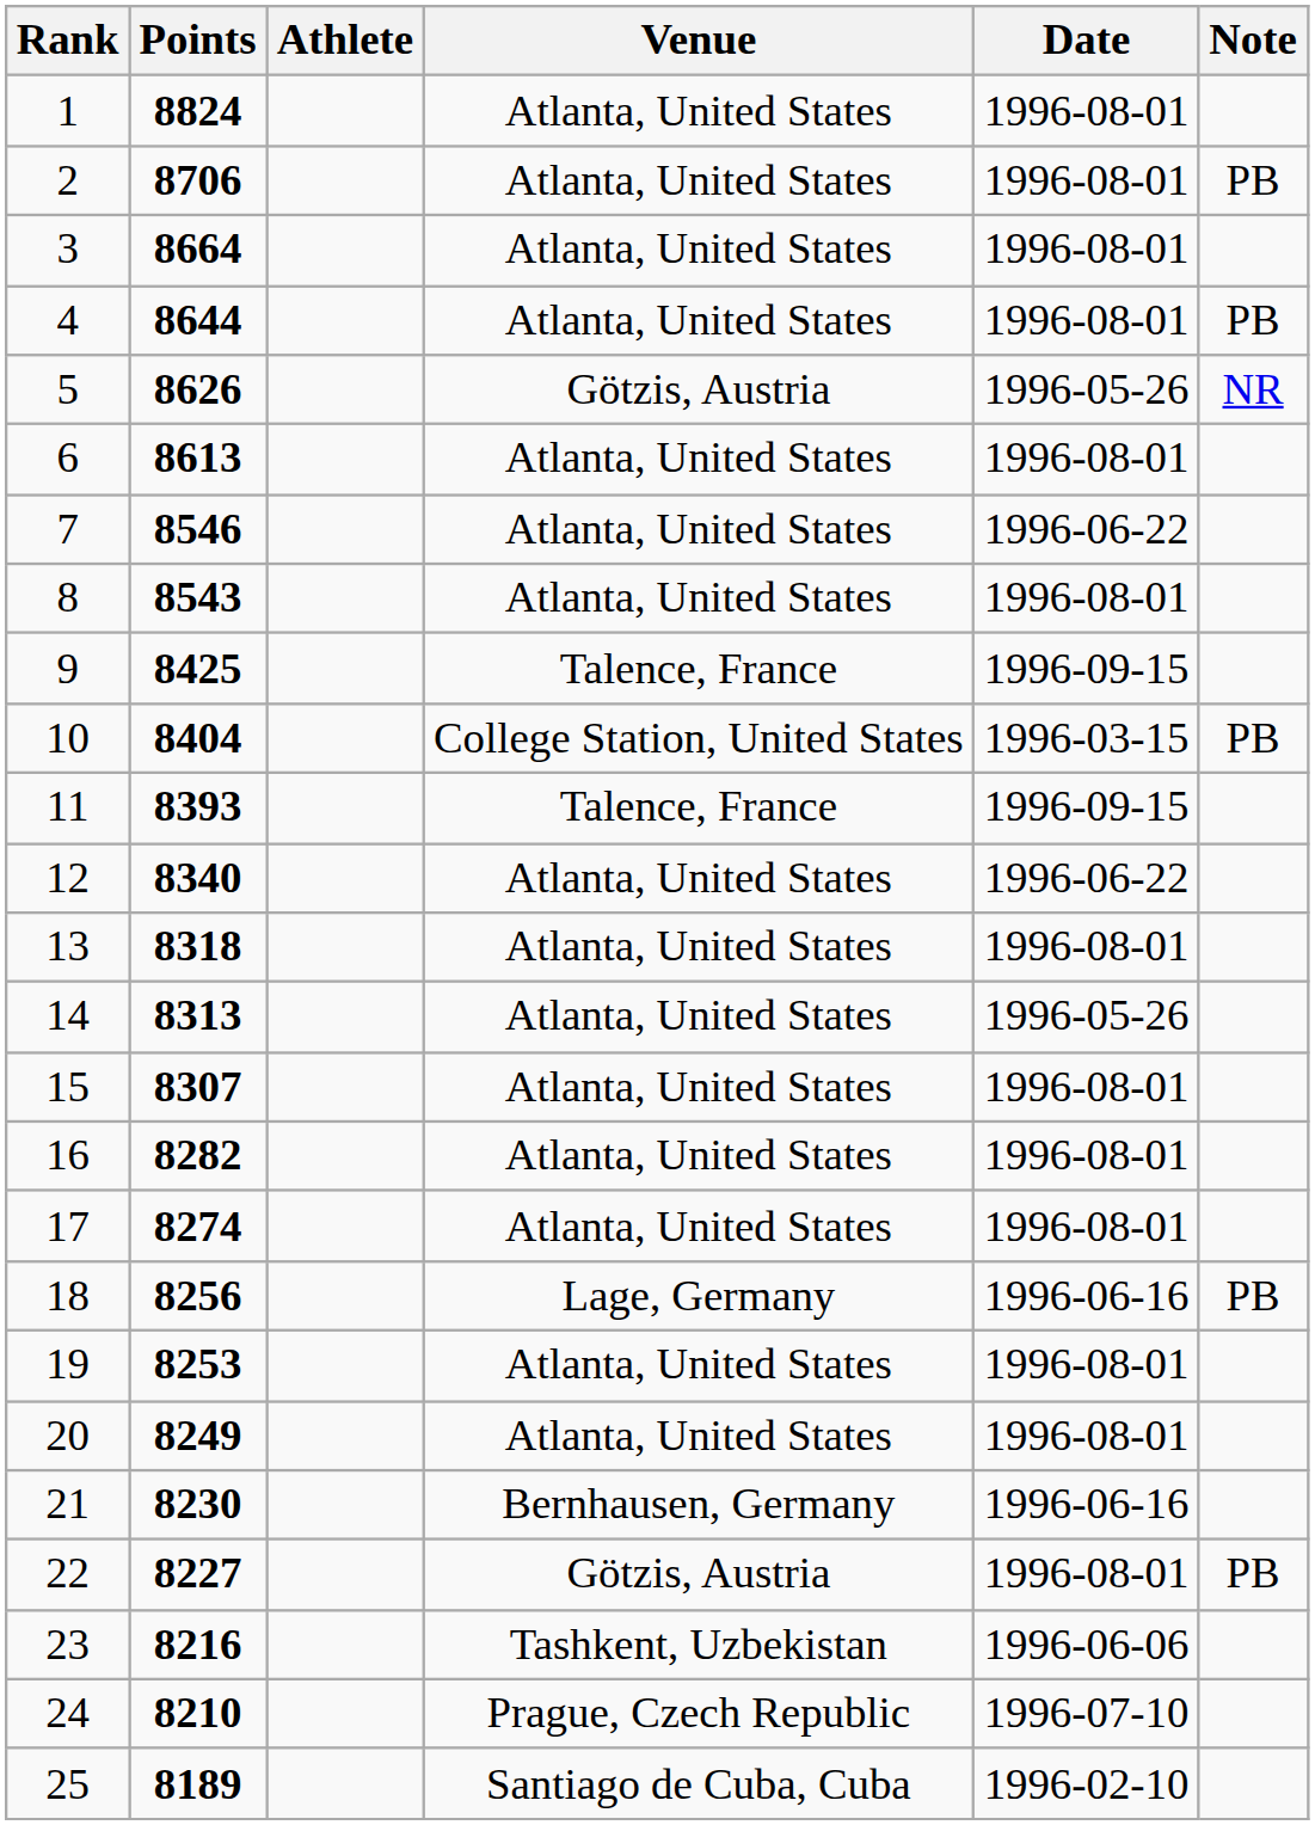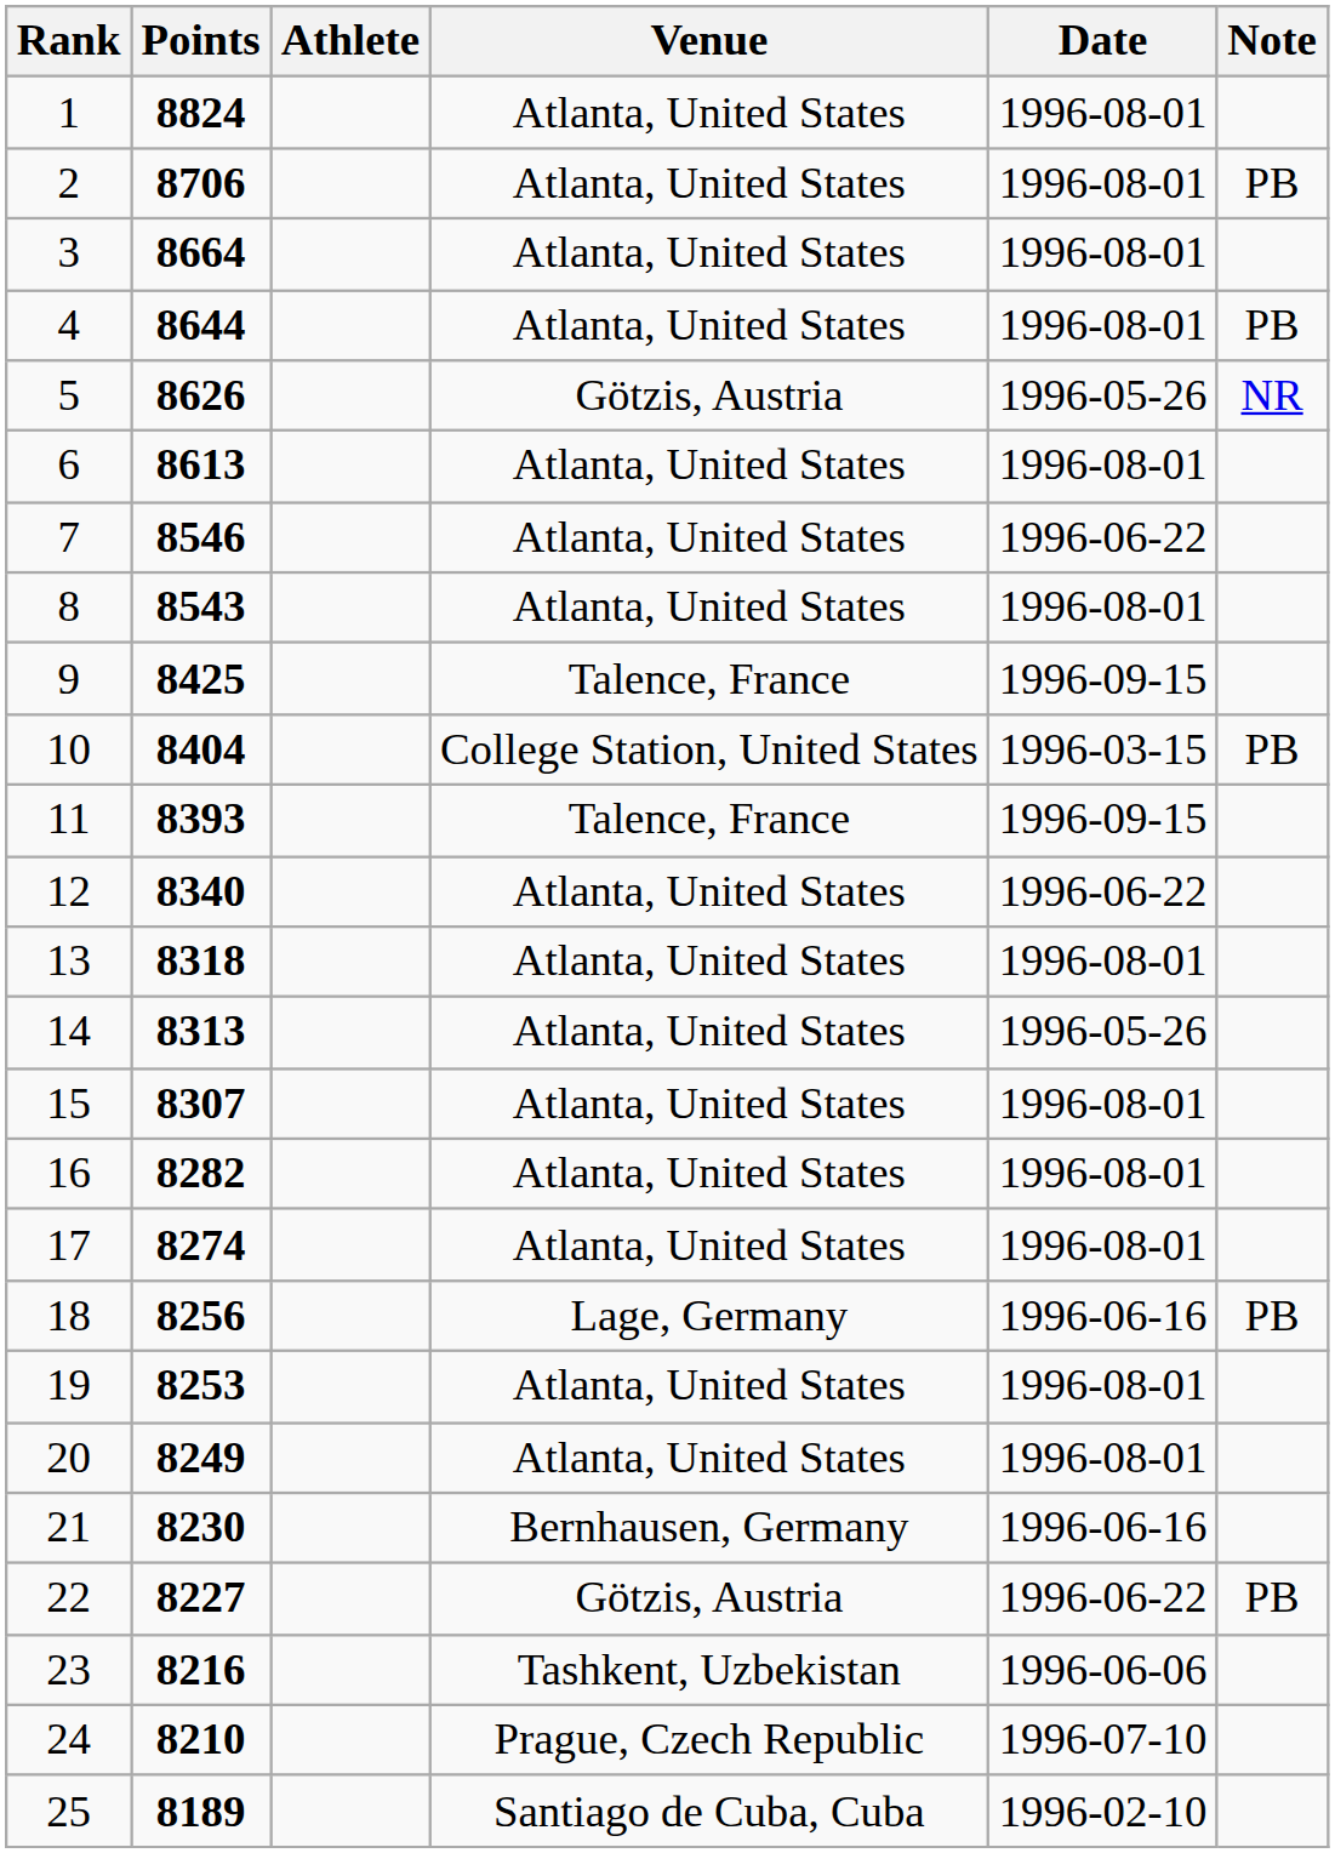 <table class="wikitable" style=" text-align:center;">
 <tr>
 <th>Rank</th>
 <th>Points</th>
 <th>Athlete</th>
 <th>Venue</th>
 <th>Date</th>
 <th>Note</th>
 </tr>
 <tr>
 <td>1</td>
 <td><strong>8824</strong></td>
 <td align=left></td>
 <td>Atlanta, United States</td>
 <td>1996-08-01</td>
 <td></td>
 </tr>
 <tr>
 <td>2</td>
 <td><strong>8706</strong></td>
 <td align=left></td>
 <td>Atlanta, United States</td>
 <td>1996-08-01</td>
 <td>PB</td>
 </tr>
 <tr>
 <td>3</td>
 <td><strong>8664</strong></td>
 <td align=left></td>
 <td>Atlanta, United States</td>
 <td>1996-08-01</td>
 <td></td>
 </tr>
 <tr>
 <td>4</td>
 <td><strong>8644</strong></td>
 <td align=left></td>
 <td>Atlanta, United States</td>
 <td>1996-08-01</td>
 <td>PB</td>
 </tr>
 <tr>
 <td>5</td>
 <td><strong>8626</strong></td>
 <td align=left></td>
 <td>Götzis, Austria</td>
 <td>1996-05-26</td>
 <td><a href='#'>NR</a></td>
 </tr>
 <tr>
 <td>6</td>
 <td><strong>8613</strong></td>
 <td align=left></td>
 <td>Atlanta, United States</td>
 <td>1996-08-01</td>
 <td></td>
 </tr>
 <tr>
 <td>7</td>
 <td><strong>8546</strong></td>
 <td align=left></td>
 <td>Atlanta, United States</td>
 <td>1996-06-22</td>
 <td></td>
 </tr>
 <tr>
 <td>8</td>
 <td><strong>8543</strong></td>
 <td align=left></td>
 <td>Atlanta, United States</td>
 <td>1996-08-01</td>
 <td></td>
 </tr>
 <tr>
 <td>9</td>
 <td><strong>8425</strong></td>
 <td align=left></td>
 <td>Talence, France</td>
 <td>1996-09-15</td>
 <td></td>
 </tr>
 <tr>
 <td>10</td>
 <td><strong>8404</strong></td>
 <td align=left></td>
 <td>College Station, United States</td>
 <td>1996-03-15</td>
 <td>PB</td>
 </tr>
 <tr>
 <td>11</td>
 <td><strong>8393</strong></td>
 <td align=left></td>
 <td>Talence, France</td>
 <td>1996-09-15</td>
 <td></td>
 </tr>
 <tr>
 <td>12</td>
 <td><strong>8340</strong></td>
 <td align=left></td>
 <td>Atlanta, United States</td>
 <td>1996-06-22</td>
 <td></td>
 </tr>
 <tr>
 <td>13</td>
 <td><strong>8318</strong></td>
 <td align=left></td>
 <td>Atlanta, United States</td>
 <td>1996-08-01</td>
 <td></td>
 </tr>
 <tr>
 <td>14</td>
 <td><strong>8313</strong></td>
 <td align=left></td>
 <td>Atlanta, United States</td>
 <td>1996-05-26</td>
 <td></td>
 </tr>
 <tr>
 <td>15</td>
 <td><strong>8307</strong></td>
 <td align=left></td>
 <td>Atlanta, United States</td>
 <td>1996-08-01</td>
 <td></td>
 </tr>
 <tr>
 <td>16</td>
 <td><strong>8282</strong></td>
 <td align=left></td>
 <td>Atlanta, United States</td>
 <td>1996-08-01</td>
 <td></td>
 </tr>
 <tr>
 <td>17</td>
 <td><strong>8274</strong></td>
 <td align=left></td>
 <td>Atlanta, United States</td>
 <td>1996-08-01</td>
 <td></td>
 </tr>
 <tr>
 <td>18</td>
 <td><strong>8256</strong></td>
 <td align=left></td>
 <td>Lage, Germany</td>
 <td>1996-06-16</td>
 <td>PB</td>
 </tr>
 <tr>
 <td>19</td>
 <td><strong>8253</strong></td>
 <td align=left></td>
 <td>Atlanta, United States</td>
 <td>1996-08-01</td>
 <td></td>
 </tr>
 <tr>
 <td>20</td>
 <td><strong>8249</strong></td>
 <td align=left></td>
 <td>Atlanta, United States</td>
 <td>1996-08-01</td>
 <td></td>
 </tr>
 <tr>
 <td>21</td>
 <td><strong>8230</strong></td>
 <td align=left></td>
 <td>Bernhausen, Germany</td>
 <td>1996-06-16</td>
 <td></td>
 </tr>
 <tr>
 <td>22</td>
 <td><strong>8227</strong></td>
 <td align=left></td>
 <td>Götzis, Austria</td>
-<td>1996-08-01</td>
+<td>1996-06-22</td>
 <td>PB</td>
 </tr>
 <tr>
 <td>23</td>
 <td><strong>8216</strong></td>
 <td align=left></td>
 <td>Tashkent, Uzbekistan</td>
 <td>1996-06-06</td>
 <td></td>
 </tr>
 <tr>
 <td>24</td>
 <td><strong>8210</strong></td>
 <td align=left></td>
 <td>Prague, Czech Republic</td>
 <td>1996-07-10</td>
 <td></td>
 </tr>
 <tr>
 <td>25</td>
 <td><strong>8189</strong></td>
 <td align=left></td>
 <td>Santiago de Cuba, Cuba</td>
 <td>1996-02-10</td>
 <td></td>
 </tr>
 </table>
